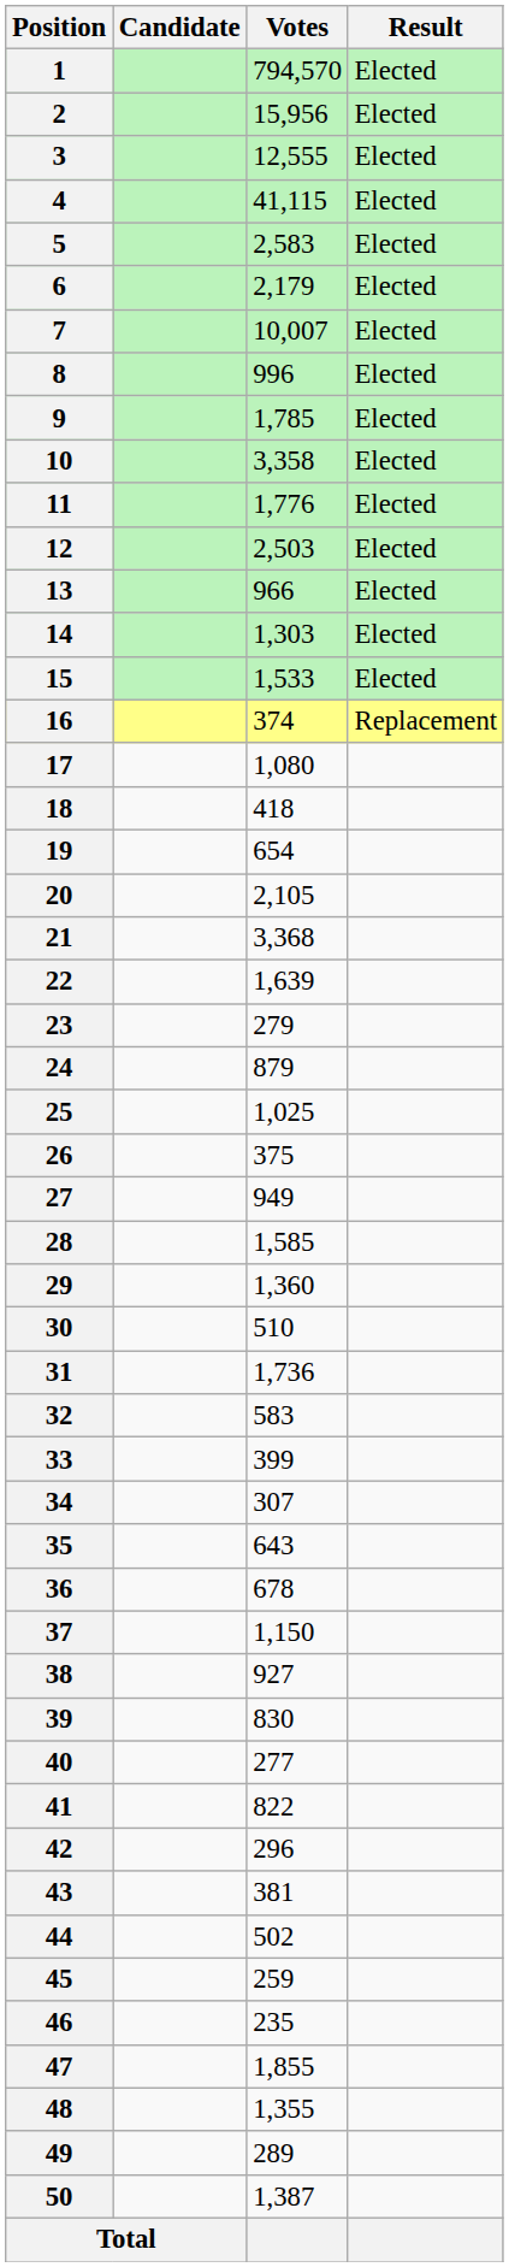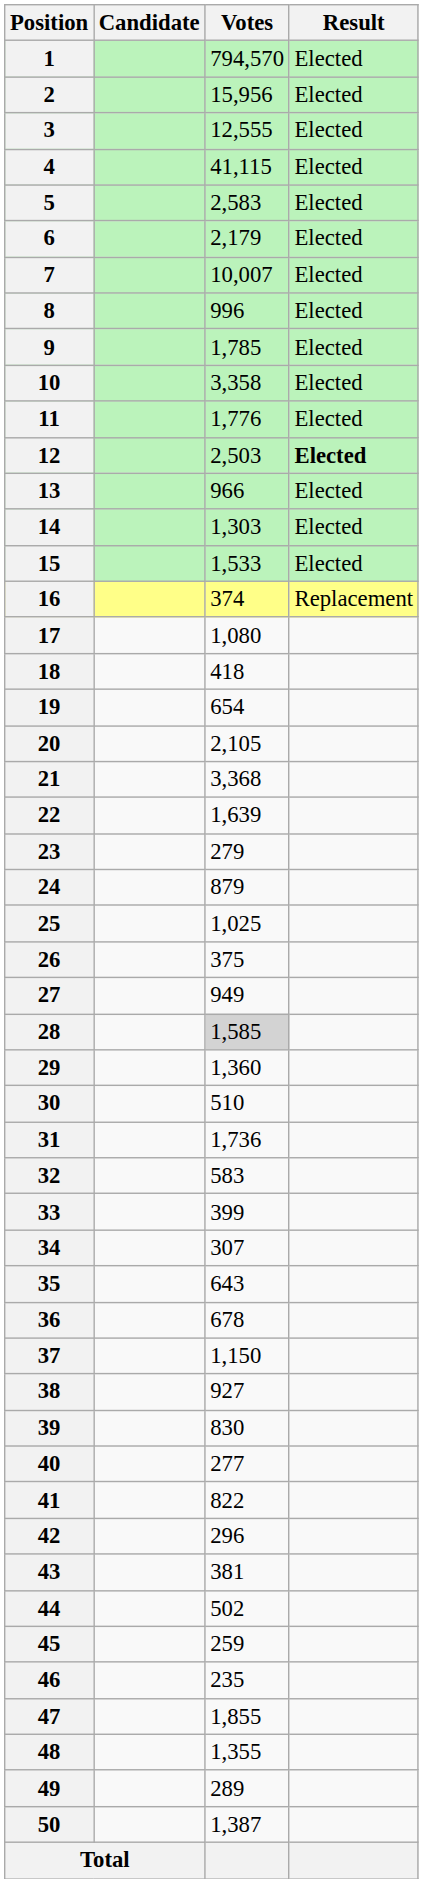 <table class="wikitable sortable col3right">
 <tr>
 <th scope="col">Position</th>
 <th scope="col">Candidate</th>
 <th scope="col">Votes</th>
 <th scope="col">Result</th>
 </tr>
 <tr bgcolor=bbf3bb>
 <th scope="row">1</th>
 <td></td>
 <td>794,570</td>
 <td>Elected</td>
 </tr>
 <tr bgcolor=bbf3bb>
 <th scope="row">2</th>
 <td></td>
 <td>15,956</td>
 <td>Elected</td>
 </tr>
 <tr bgcolor=bbf3bb>
 <th scope="row">3</th>
 <td></td>
 <td>12,555</td>
 <td>Elected</td>
 </tr>
 <tr bgcolor=bbf3bb>
 <th scope="row">4</th>
 <td></td>
 <td>41,115</td>
 <td>Elected</td>
 </tr>
 <tr bgcolor=bbf3bb>
 <th scope="row">5</th>
 <td></td>
 <td>2,583</td>
 <td>Elected</td>
 </tr>
 <tr bgcolor=bbf3bb>
 <th scope="row">6</th>
 <td></td>
 <td>2,179</td>
 <td>Elected</td>
 </tr>
 <tr bgcolor=bbf3bb>
 <th scope="row">7</th>
 <td></td>
 <td>10,007</td>
 <td>Elected</td>
 </tr>
 <tr bgcolor=bbf3bb>
 <th scope="row">8</th>
 <td></td>
 <td>996</td>
 <td>Elected</td>
 </tr>
 <tr bgcolor=bbf3bb>
 <th scope="row">9</th>
 <td></td>
 <td>1,785</td>
 <td>Elected</td>
 </tr>
 <tr bgcolor=bbf3bb>
 <th scope="row">10</th>
 <td></td>
 <td>3,358</td>
 <td>Elected</td>
 </tr>
 <tr bgcolor=bbf3bb>
 <th scope="row">11</th>
 <td></td>
 <td>1,776</td>
 <td>Elected</td>
 </tr>
 <tr bgcolor=bbf3bb>
 <th scope="row">12</th>
 <td></td>
 <td>2,503</td>
-<td>Elected</td>
+<td><strong>Elected</strong></td>
 </tr>
 <tr bgcolor=bbf3bb>
 <th scope="row">13</th>
 <td></td>
 <td>966</td>
 <td>Elected</td>
 </tr>
 <tr bgcolor=bbf3bb>
 <th scope="row">14</th>
 <td></td>
 <td>1,303</td>
 <td>Elected</td>
 </tr>
 <tr bgcolor=bbf3bb>
 <th scope="row">15</th>
 <td></td>
 <td>1,533</td>
 <td>Elected</td>
 </tr>
 <tr bgcolor=#FF8>
 <th scope="row">16</th>
 <td></td>
 <td>374</td>
 <td>Replacement</td>
 </tr>
 <tr>
 <th scope="row">17</th>
 <td></td>
 <td>1,080</td>
 <td></td>
 </tr>
 <tr>
 <th scope="row">18</th>
 <td></td>
 <td>418</td>
 <td></td>
 </tr>
 <tr>
 <th scope="row">19</th>
 <td></td>
 <td>654</td>
 <td></td>
 </tr>
 <tr>
 <th scope="row">20</th>
 <td></td>
 <td>2,105</td>
 <td></td>
 </tr>
 <tr>
 <th scope="row">21</th>
 <td></td>
 <td>3,368</td>
 <td></td>
 </tr>
 <tr>
 <th scope="row">22</th>
 <td></td>
 <td>1,639</td>
 <td></td>
 </tr>
 <tr>
 <th scope="row">23</th>
 <td></td>
 <td>279</td>
 <td></td>
 </tr>
 <tr>
 <th scope="row">24</th>
 <td></td>
 <td>879</td>
 <td></td>
 </tr>
 <tr>
 <th scope="row">25</th>
 <td></td>
 <td>1,025</td>
 <td></td>
 </tr>
 <tr>
 <th scope="row">26</th>
 <td></td>
 <td>375</td>
 <td></td>
 </tr>
 <tr>
 <th scope="row">27</th>
 <td></td>
 <td>949</td>
 <td></td>
 </tr>
 <tr>
 <th scope="row">28</th>
 <td></td>
-<td>1,585</td>
+<td style="background: lightgrey;">1,585</td>
 <td></td>
 </tr>
 <tr>
 <th scope="row">29</th>
 <td></td>
 <td>1,360</td>
 <td></td>
 </tr>
 <tr>
 <th scope="row">30</th>
 <td></td>
 <td>510</td>
 <td></td>
 </tr>
 <tr>
 <th scope="row">31</th>
 <td></td>
 <td>1,736</td>
 <td></td>
 </tr>
 <tr>
 <th scope="row">32</th>
 <td></td>
 <td>583</td>
 <td></td>
 </tr>
 <tr>
 <th scope="row">33</th>
 <td></td>
 <td>399</td>
 <td></td>
 </tr>
 <tr>
 <th scope="row">34</th>
 <td></td>
 <td>307</td>
 <td></td>
 </tr>
 <tr>
 <th scope="row">35</th>
 <td></td>
 <td>643</td>
 <td></td>
 </tr>
 <tr>
 <th scope="row">36</th>
 <td></td>
 <td>678</td>
 <td></td>
 </tr>
 <tr>
 <th scope="row">37</th>
 <td></td>
 <td>1,150</td>
 <td></td>
 </tr>
 <tr>
 <th scope="row">38</th>
 <td></td>
 <td>927</td>
 <td></td>
 </tr>
 <tr>
 <th scope="row">39</th>
 <td></td>
 <td>830</td>
 <td></td>
 </tr>
 <tr>
 <th scope="row">40</th>
 <td></td>
 <td>277</td>
 <td></td>
 </tr>
 <tr>
 <th scope="row">41</th>
 <td></td>
 <td>822</td>
 <td></td>
 </tr>
 <tr>
 <th scope="row">42</th>
 <td></td>
 <td>296</td>
 <td></td>
 </tr>
 <tr>
 <th scope="row">43</th>
 <td></td>
 <td>381</td>
 <td></td>
 </tr>
 <tr>
 <th scope="row">44</th>
 <td></td>
 <td>502</td>
 <td></td>
 </tr>
 <tr>
 <th scope="row">45</th>
 <td></td>
 <td>259</td>
 <td></td>
 </tr>
 <tr>
 <th scope="row">46</th>
 <td></td>
 <td>235</td>
 <td></td>
 </tr>
 <tr>
 <th scope="row">47</th>
 <td></td>
 <td>1,855</td>
 <td></td>
 </tr>
 <tr>
 <th scope="row">48</th>
 <td></td>
 <td>1,355</td>
 <td></td>
 </tr>
 <tr>
 <th scope="row">49</th>
 <td></td>
 <td>289</td>
 <td></td>
 </tr>
 <tr>
 <th scope="row">50</th>
 <td></td>
 <td>1,387</td>
 <td></td>
 </tr>
 <tr class="sortbottom">
 <th scope="row" colspan="2">Total</th>
 <th></th>
 <th></th>
 </tr>
 </table>
